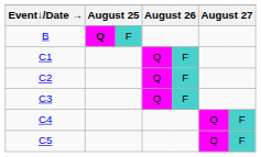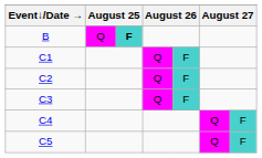 <table class="wikitable" style="margin:0.5em auto; font-size:95%; line-height:1.50em;">
 <tr align="center">
 </tr>
 <tr>
 </tr>
 <tr>
 <th>Event↓/Date →</th>
 <th colspan="2">August 25</th>
 <th colspan="2">August 26</th>
 <th colspan="2">August 27</th>
 </tr>
 <tr align="center">
 <td class="event"><a href='#'>B</a></td>
-<td bgcolor="#FF00FF" align=center><strong>Q</strong></td>
-<td bgcolor="#48D1CC" align=center>F</td>
+<td bgcolor="#FF00FF" align=center>Q</td>
+<td bgcolor="#48D1CC" align=center><strong>F</strong></td>
 <td colspan="2"></td>
 <td colspan="2"></td>
 </tr>
 <tr align="center">
 <td class="event"><a href='#'>C1</a></td>
 <td colspan="2"></td>
 <td bgcolor="#FF00FF" align=center>Q</td>
 <td bgcolor="#48D1CC" align=center>F</td>
 <td colspan="2"></td>
 </tr>
 <tr align="center">
 <td class="event"><a href='#'>C2</a></td>
 <td colspan="2"></td>
 <td bgcolor="#FF00FF" align=center>Q</td>
 <td bgcolor="#48D1CC" align=center>F</td>
 <td colspan="2"></td>
 </tr>
 <tr align="center">
 <td class="event"><a href='#'>C3</a></td>
 <td colspan="2"></td>
 <td bgcolor="#FF00FF" align=center>Q</td>
 <td bgcolor="#48D1CC" align=center>F</td>
 <td colspan="2"></td>
 </tr>
 <tr align="center">
 <td class="event"><a href='#'>C4</a></td>
 <td colspan="2"></td>
 <td colspan="2"></td>
 <td bgcolor="#FF00FF" align=center>Q</td>
 <td bgcolor="#48D1CC" align=center>F</td>
 </tr>
 <tr align="center">
 <td class="event"><a href='#'>C5</a></td>
 <td colspan="2"></td>
 <td colspan="2"></td>
 <td bgcolor="#FF00FF" align=center>Q</td>
 <td bgcolor="#48D1CC" align=center>F</td>
 </tr>
 </table>
